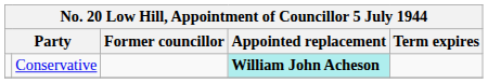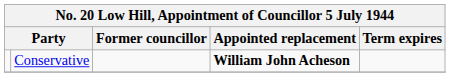 <table class="wikitable">
 <tr>
 <th colspan="5"><strong>No. 20 Low Hill, Appointment of Councillor 5 July 1944</strong></th>
 </tr>
 <tr>
 <th colspan="2">Party</th>
 <th>Former councillor</th>
 <th>Appointed replacement</th>
 <th>Term expires</th>
 </tr>
 <tr>
 <td style="background-color:"></td>
 <td><a href='#'>Conservative</a></td>
 <td></td>
-<td style="background: paleturquoise;"><strong>William John Acheson</strong></td>
+<td><strong>William John Acheson</strong></td>
 <td></td>
 </tr>
 <tr>
 </tr>
 </table>
